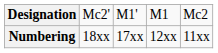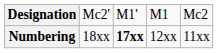 <table class="wikitable">
 <tr>
 <th>Designation</th>
 <td>Mc2'</td>
 <td>M1'</td>
 <td>M1</td>
 <td>Mc2</td>
 </tr>
 <tr>
 <th>Numbering</th>
 <td>18xx</td>
-<td>17xx</td>
+<td><strong>17xx</strong></td>
 <td>12xx</td>
 <td>11xx</td>
 </tr>
 </table>
